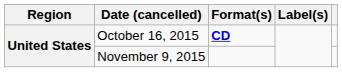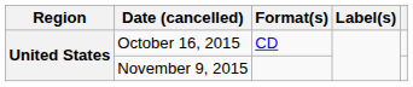 <table class="wikitable plainrowheaders">
 <tr>
 <th scope="col">Region</th>
 <th scope="col">Date (cancelled)</th>
 <th scope="col">Format(s)</th>
 <th scope="col">Label(s)</th>
 <th scope="col"></th>
 </tr>
 <tr>
 <th scope="row" rowspan="2">United States</th>
 <td>October 16, 2015</td>
-<td><strong><a href='#'>CD</a></strong></td>
+<td><a href='#'>CD</a></td>
 <td rowspan="2"></td>
 <td style="text-align:center;"></td>
 </tr>
 <tr>
 <td>November 9, 2015</td>
 <td></td>
 <td style="text-align:center;"></td>
 </tr>
 </table>
